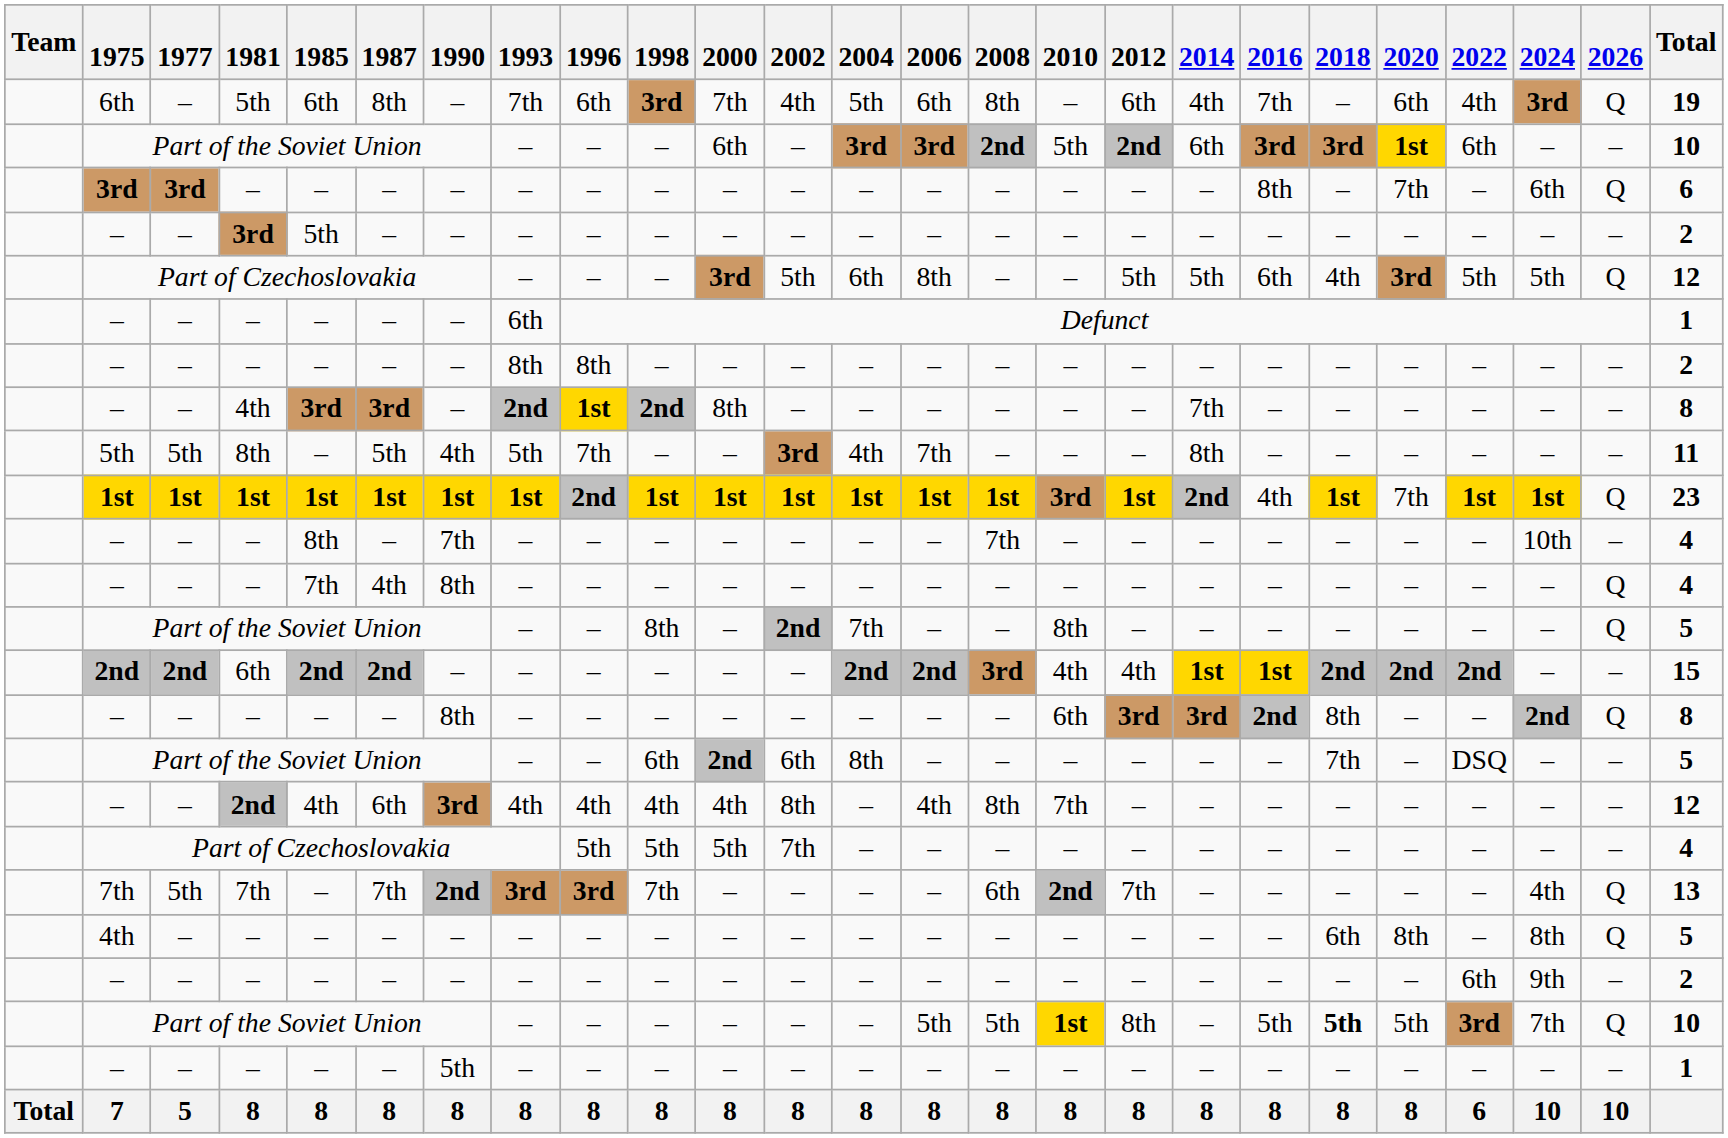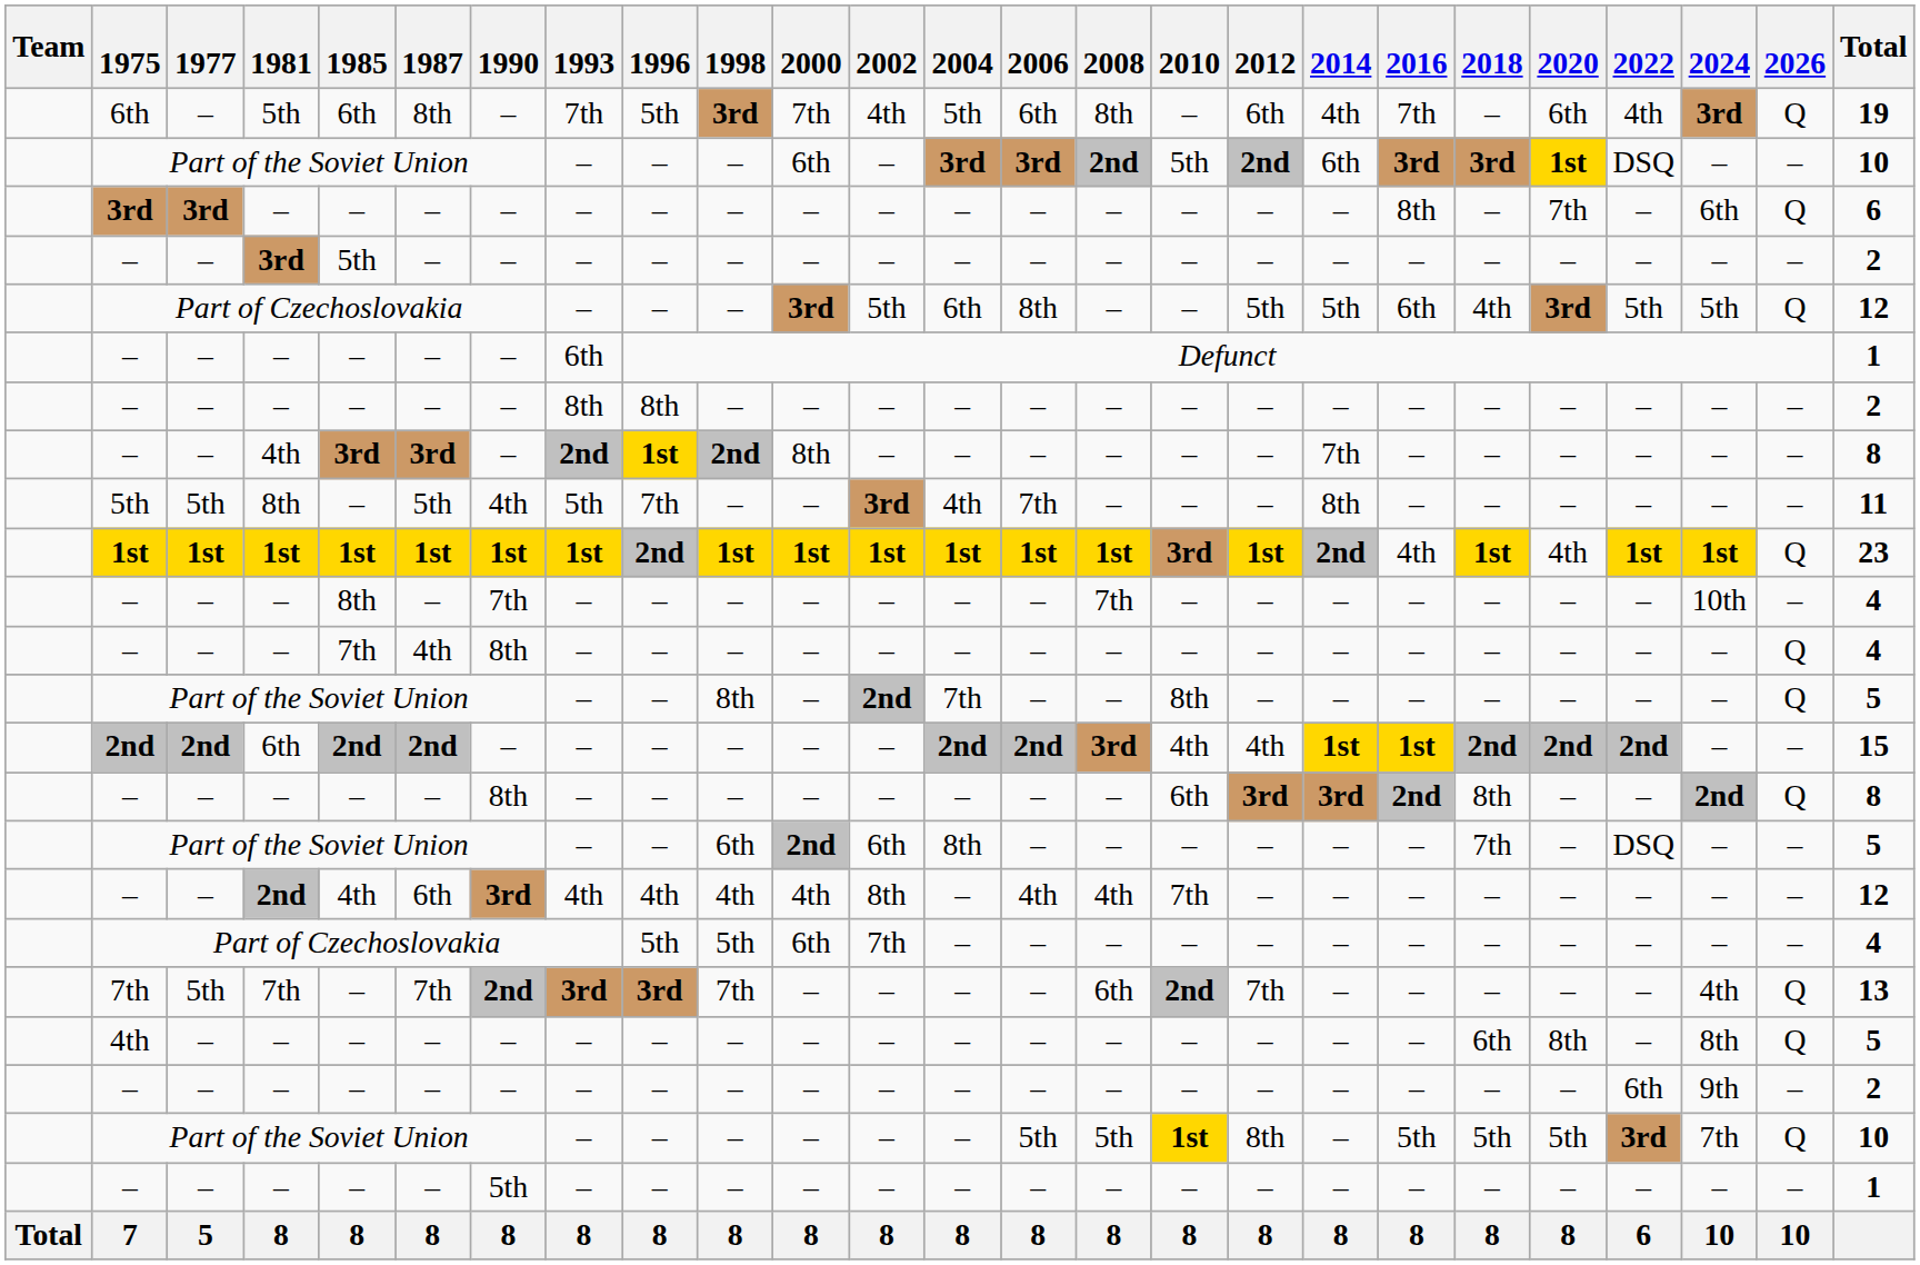 <table class="wikitable " style="text-align:center">
 <tr>
 <th>Team</th>
 <th><br>1975</th>
 <th><br>1977</th>
 <th><br>1981</th>
 <th><br>1985</th>
 <th><br>1987</th>
 <th><br>1990</th>
 <th><br>1993</th>
 <th><br>1996</th>
 <th><br>1998</th>
 <th><br>2000</th>
 <th><br>2002</th>
 <th><br>2004</th>
 <th><br>2006</th>
 <th><br>2008</th>
 <th><br>2010</th>
 <th><br>2012</th>
 <th><br><a href='#'>2014</a></th>
 <th><br><a href='#'>2016</a></th>
 <th><br><a href='#'>2018</a></th>
 <th><br><a href='#'>2020</a></th>
 <th><br><a href='#'>2022</a></th>
 <th><br><a href='#'>2024</a></th>
 <th><br><a href='#'>2026</a></th>
 <th>Total</th>
 </tr>
 <tr>
 <td align=left></td>
 <td>6th</td>
 <td>–</td>
 <td>5th</td>
 <td>6th</td>
 <td>8th</td>
 <td>–</td>
 <td>7th</td>
-<td>6th</td>
+<td>5th</td>
 <td bgcolor=cc9966><strong>3rd</strong></td>
 <td>7th</td>
 <td>4th</td>
 <td>5th</td>
 <td>6th</td>
 <td>8th</td>
 <td>–</td>
 <td>6th</td>
 <td>4th</td>
 <td>7th</td>
 <td>–</td>
 <td>6th</td>
 <td>4th</td>
 <td bgcolor=cc9966><strong>3rd</strong></td>
 <td>Q</td>
 <td><strong>19</strong></td>
 </tr>
 <tr>
 <td align=left></td>
 <td colspan=6><em>Part of the Soviet Union</em></td>
 <td>–</td>
 <td>–</td>
 <td>–</td>
 <td>6th</td>
 <td>–</td>
 <td bgcolor=cc9966><strong>3rd</strong></td>
 <td bgcolor=cc9966><strong>3rd</strong></td>
 <td bgcolor=silver><strong>2nd</strong></td>
 <td>5th</td>
 <td bgcolor=silver><strong>2nd</strong></td>
 <td>6th</td>
 <td bgcolor=cc9966><strong>3rd</strong></td>
 <td bgcolor=cc9966><strong>3rd</strong></td>
 <td bgcolor=gold><strong>1st</strong></td>
-<td>6th</td>
+<td>DSQ</td>
 <td>–</td>
 <td>–</td>
 <td><strong>10</strong></td>
 </tr>
 <tr>
 <td align=left></td>
 <td bgcolor=cc9966><strong>3rd</strong></td>
 <td bgcolor=cc9966><strong>3rd</strong></td>
 <td>–</td>
 <td>–</td>
 <td>–</td>
 <td>–</td>
 <td>–</td>
 <td>–</td>
 <td>–</td>
 <td>–</td>
 <td>–</td>
 <td>–</td>
 <td>–</td>
 <td>–</td>
 <td>–</td>
 <td>–</td>
 <td>–</td>
 <td>8th</td>
 <td>–</td>
 <td>7th</td>
 <td>–</td>
 <td>6th</td>
 <td>Q</td>
 <td><strong>6</strong></td>
 </tr>
 <tr>
 <td align=left></td>
 <td>–</td>
 <td>–</td>
 <td bgcolor=cc9966><strong>3rd</strong></td>
 <td>5th</td>
 <td>–</td>
 <td>–</td>
 <td>–</td>
 <td>–</td>
 <td>–</td>
 <td>–</td>
 <td>–</td>
 <td>–</td>
 <td>–</td>
 <td>–</td>
 <td>–</td>
 <td>–</td>
 <td>–</td>
 <td>–</td>
 <td>–</td>
 <td>–</td>
 <td>–</td>
 <td>–</td>
 <td>–</td>
 <td><strong>2</strong></td>
 </tr>
 <tr>
 <td align=left></td>
 <td colspan=6><em>Part of Czechoslovakia</em></td>
 <td>–</td>
 <td>–</td>
 <td>–</td>
 <td bgcolor=cc9966><strong>3rd</strong></td>
 <td>5th</td>
 <td>6th</td>
 <td>8th</td>
 <td>–</td>
 <td>–</td>
 <td>5th</td>
 <td>5th</td>
 <td>6th</td>
 <td>4th</td>
 <td bgcolor=cc9966><strong>3rd</strong></td>
 <td>5th</td>
 <td>5th</td>
 <td>Q</td>
 <td><strong>12</strong></td>
 </tr>
 <tr>
 <td align=left></td>
 <td>–</td>
 <td>–</td>
 <td>–</td>
 <td>–</td>
 <td>–</td>
 <td>–</td>
 <td>6th</td>
 <td colspan=16><em>Defunct</em></td>
 <td><strong>1</strong></td>
 </tr>
 <tr>
 <td align=left></td>
 <td>–</td>
 <td>–</td>
 <td>–</td>
 <td>–</td>
 <td>–</td>
 <td>–</td>
 <td>8th</td>
 <td>8th</td>
 <td>–</td>
 <td>–</td>
 <td>–</td>
 <td>–</td>
 <td>–</td>
 <td>–</td>
 <td>–</td>
 <td>–</td>
 <td>–</td>
 <td>–</td>
 <td>–</td>
 <td>–</td>
 <td>–</td>
 <td>–</td>
 <td>–</td>
 <td><strong>2</strong></td>
 </tr>
 <tr>
 <td align=left></td>
 <td>–</td>
 <td>–</td>
 <td>4th</td>
 <td bgcolor=cc9966><strong>3rd</strong></td>
 <td bgcolor=cc9966><strong>3rd</strong></td>
 <td>–</td>
 <td bgcolor=silver><strong>2nd</strong></td>
 <td bgcolor=gold><strong>1st</strong></td>
 <td bgcolor=silver><strong>2nd</strong></td>
 <td>8th</td>
 <td>–</td>
 <td>–</td>
 <td>–</td>
 <td>–</td>
 <td>–</td>
 <td>–</td>
 <td>7th</td>
 <td>–</td>
 <td>–</td>
 <td>–</td>
 <td>–</td>
 <td>–</td>
 <td>–</td>
 <td><strong>8</strong></td>
 </tr>
 <tr>
 <td align=left></td>
 <td>5th</td>
 <td>5th</td>
 <td>8th</td>
 <td>–</td>
 <td>5th</td>
 <td>4th</td>
 <td>5th</td>
 <td>7th</td>
 <td>–</td>
 <td>–</td>
 <td bgcolor=cc9966><strong>3rd</strong></td>
 <td>4th</td>
 <td>7th</td>
 <td>–</td>
 <td>–</td>
 <td>–</td>
 <td>8th</td>
 <td>–</td>
 <td>–</td>
 <td>–</td>
 <td>–</td>
 <td>–</td>
 <td>–</td>
 <td><strong>11</strong></td>
 </tr>
 <tr>
 <td align=left></td>
 <td bgcolor=gold><strong>1st</strong></td>
 <td bgcolor=gold><strong>1st</strong></td>
 <td bgcolor=gold><strong>1st</strong></td>
 <td bgcolor=gold><strong>1st</strong></td>
 <td bgcolor=gold><strong>1st</strong></td>
 <td bgcolor=gold><strong>1st</strong></td>
 <td bgcolor=gold><strong>1st</strong></td>
 <td bgcolor=silver><strong>2nd</strong></td>
 <td bgcolor=gold><strong>1st</strong></td>
 <td bgcolor=gold><strong>1st</strong></td>
 <td bgcolor=gold><strong>1st</strong></td>
 <td bgcolor=gold><strong>1st</strong></td>
 <td bgcolor=gold><strong>1st</strong></td>
 <td bgcolor=gold><strong>1st</strong></td>
 <td bgcolor=cc9966><strong>3rd</strong></td>
 <td bgcolor=gold><strong>1st</strong></td>
 <td bgcolor=silver><strong>2nd</strong></td>
 <td>4th</td>
 <td bgcolor=gold><strong>1st</strong></td>
-<td>7th</td>
+<td>4th</td>
 <td bgcolor=gold><strong>1st</strong></td>
 <td bgcolor=gold><strong>1st</strong></td>
 <td>Q</td>
 <td><strong>23</strong></td>
 </tr>
 <tr>
 <td align=left></td>
 <td>–</td>
 <td>–</td>
 <td>–</td>
 <td>8th</td>
 <td>–</td>
 <td>7th</td>
 <td>–</td>
 <td>–</td>
 <td>–</td>
 <td>–</td>
 <td>–</td>
 <td>–</td>
 <td>–</td>
 <td>7th</td>
 <td>–</td>
 <td>–</td>
 <td>–</td>
 <td>–</td>
 <td>–</td>
 <td>–</td>
 <td>–</td>
 <td>10th</td>
 <td>–</td>
 <td><strong>4</strong></td>
 </tr>
 <tr>
 <td align=left></td>
 <td>–</td>
 <td>–</td>
 <td>–</td>
 <td>7th</td>
 <td>4th</td>
 <td>8th</td>
 <td>–</td>
 <td>–</td>
 <td>–</td>
 <td>–</td>
 <td>–</td>
 <td>–</td>
 <td>–</td>
 <td>–</td>
 <td>–</td>
 <td>–</td>
 <td>–</td>
 <td>–</td>
 <td>–</td>
 <td>–</td>
 <td>–</td>
 <td>–</td>
 <td>Q</td>
 <td><strong>4</strong></td>
 </tr>
 <tr>
 <td align=left></td>
 <td colspan=6><em>Part of the Soviet Union</em></td>
 <td>–</td>
 <td>–</td>
 <td>8th</td>
 <td>–</td>
 <td bgcolor=silver><strong>2nd</strong></td>
 <td>7th</td>
 <td>–</td>
 <td>–</td>
 <td>8th</td>
 <td>–</td>
 <td>–</td>
 <td>–</td>
 <td>–</td>
 <td>–</td>
 <td>–</td>
 <td>–</td>
 <td>Q</td>
 <td><strong>5</strong></td>
 </tr>
 <tr>
 <td align=left></td>
 <td bgcolor=silver><strong>2nd</strong></td>
 <td bgcolor=silver><strong>2nd</strong></td>
 <td>6th</td>
 <td bgcolor=silver><strong>2nd</strong></td>
 <td bgcolor=silver><strong>2nd</strong></td>
 <td>–</td>
 <td>–</td>
 <td>–</td>
 <td>–</td>
 <td>–</td>
 <td>–</td>
 <td bgcolor=silver><strong>2nd</strong></td>
 <td bgcolor=silver><strong>2nd</strong></td>
 <td bgcolor=cc9966><strong>3rd</strong></td>
 <td>4th</td>
 <td>4th</td>
 <td bgcolor=gold><strong>1st</strong></td>
 <td bgcolor=gold><strong>1st</strong></td>
 <td bgcolor=silver><strong>2nd</strong></td>
 <td bgcolor=silver><strong>2nd</strong></td>
 <td bgcolor=silver><strong>2nd</strong></td>
 <td>–</td>
 <td>–</td>
 <td><strong>15</strong></td>
 </tr>
 <tr>
 <td align=left></td>
 <td>–</td>
 <td>–</td>
 <td>–</td>
 <td>–</td>
 <td>–</td>
 <td>8th</td>
 <td>–</td>
 <td>–</td>
 <td>–</td>
 <td>–</td>
 <td>–</td>
 <td>–</td>
 <td>–</td>
 <td>–</td>
 <td>6th</td>
 <td bgcolor=cc9966><strong>3rd</strong></td>
 <td bgcolor=cc9966><strong>3rd</strong></td>
 <td bgcolor=silver><strong>2nd</strong></td>
 <td>8th</td>
 <td>–</td>
 <td>–</td>
 <td bgcolor=silver><strong>2nd</strong></td>
 <td>Q</td>
 <td><strong>8</strong></td>
 </tr>
 <tr>
 <td align=left></td>
 <td colspan=6><em>Part of the Soviet Union</em></td>
 <td>–</td>
 <td>–</td>
 <td>6th</td>
 <td bgcolor=silver><strong>2nd</strong></td>
 <td>6th</td>
 <td>8th</td>
 <td>–</td>
 <td>–</td>
 <td>–</td>
 <td>–</td>
 <td>–</td>
 <td>–</td>
 <td>7th</td>
 <td>–</td>
 <td>DSQ</td>
 <td>–</td>
 <td>–</td>
 <td><strong>5</strong></td>
 </tr>
 <tr>
 <td align=left></td>
 <td>–</td>
 <td>–</td>
 <td bgcolor=silver><strong>2nd</strong></td>
 <td>4th</td>
 <td>6th</td>
 <td bgcolor=cc9966><strong>3rd</strong></td>
 <td>4th</td>
 <td>4th</td>
 <td>4th</td>
 <td>4th</td>
 <td>8th</td>
 <td>–</td>
 <td>4th</td>
-<td>8th</td>
+<td>4th</td>
 <td>7th</td>
 <td>–</td>
 <td>–</td>
 <td>–</td>
 <td>–</td>
 <td>–</td>
 <td>–</td>
 <td>–</td>
 <td>–</td>
 <td><strong>12</strong></td>
 </tr>
 <tr>
 <td align=left></td>
 <td colspan=7><em>Part of Czechoslovakia</em></td>
 <td>5th</td>
 <td>5th</td>
-<td>5th</td>
+<td>6th</td>
 <td>7th</td>
 <td>–</td>
 <td>–</td>
 <td>–</td>
 <td>–</td>
 <td>–</td>
 <td>–</td>
 <td>–</td>
 <td>–</td>
 <td>–</td>
 <td>–</td>
 <td>–</td>
 <td>–</td>
 <td><strong>4</strong></td>
 </tr>
 <tr>
 <td align=left></td>
 <td>7th</td>
 <td>5th</td>
 <td>7th</td>
 <td>–</td>
 <td>7th</td>
 <td bgcolor=silver><strong>2nd</strong></td>
 <td bgcolor=cc9966><strong>3rd</strong></td>
 <td bgcolor=cc9966><strong>3rd</strong></td>
 <td>7th</td>
 <td>–</td>
 <td>–</td>
 <td>–</td>
 <td>–</td>
 <td>6th</td>
 <td bgcolor=silver><strong>2nd</strong></td>
 <td>7th</td>
 <td>–</td>
 <td>–</td>
 <td>–</td>
 <td>–</td>
 <td>–</td>
 <td>4th</td>
 <td>Q</td>
 <td><strong>13</strong></td>
 </tr>
 <tr>
 <td align=left></td>
 <td>4th</td>
 <td>–</td>
 <td>–</td>
 <td>–</td>
 <td>–</td>
 <td>–</td>
 <td>–</td>
 <td>–</td>
 <td>–</td>
 <td>–</td>
 <td>–</td>
 <td>–</td>
 <td>–</td>
 <td>–</td>
 <td>–</td>
 <td>–</td>
 <td>–</td>
 <td>–</td>
 <td>6th</td>
 <td>8th</td>
 <td>–</td>
 <td>8th</td>
 <td>Q</td>
 <td><strong>5</strong></td>
 </tr>
 <tr>
 <td align=left></td>
 <td>–</td>
 <td>–</td>
 <td>–</td>
 <td>–</td>
 <td>–</td>
 <td>–</td>
 <td>–</td>
 <td>–</td>
 <td>–</td>
 <td>–</td>
 <td>–</td>
 <td>–</td>
 <td>–</td>
 <td>–</td>
 <td>–</td>
 <td>–</td>
 <td>–</td>
 <td>–</td>
 <td>–</td>
 <td>–</td>
 <td>6th</td>
 <td>9th</td>
 <td>–</td>
 <td><strong>2</strong></td>
 </tr>
 <tr>
 <td align=left></td>
 <td colspan=6><em>Part of the Soviet Union</em></td>
 <td>–</td>
 <td>–</td>
 <td>–</td>
 <td>–</td>
 <td>–</td>
 <td>–</td>
 <td>5th</td>
 <td>5th</td>
 <td bgcolor=gold><strong>1st</strong></td>
 <td>8th</td>
 <td>–</td>
 <td>5th</td>
-<td><strong>5th</strong></td>
+<td>5th</td>
 <td>5th</td>
 <td bgcolor=cc9966><strong>3rd</strong></td>
 <td>7th</td>
 <td>Q</td>
 <td><strong>10</strong></td>
 </tr>
 <tr>
 <td align=left></td>
 <td>–</td>
 <td>–</td>
 <td>–</td>
 <td>–</td>
 <td>–</td>
 <td>5th</td>
 <td>–</td>
 <td>–</td>
 <td>–</td>
 <td>–</td>
 <td>–</td>
 <td>–</td>
 <td>–</td>
 <td>–</td>
 <td>–</td>
 <td>–</td>
 <td>–</td>
 <td>–</td>
 <td>–</td>
 <td>–</td>
 <td>–</td>
 <td>–</td>
 <td>–</td>
 <td><strong>1</strong></td>
 </tr>
 <tr>
 <th>Total</th>
 <th>7</th>
 <th>5</th>
 <th>8</th>
 <th>8</th>
 <th>8</th>
 <th>8</th>
 <th>8</th>
 <th>8</th>
 <th>8</th>
 <th>8</th>
 <th>8</th>
 <th>8</th>
 <th>8</th>
 <th>8</th>
 <th>8</th>
 <th>8</th>
 <th>8</th>
 <th>8</th>
 <th>8</th>
 <th>8</th>
 <th>6</th>
 <th>10</th>
 <th>10</th>
 <th></th>
 </tr>
 </table>
